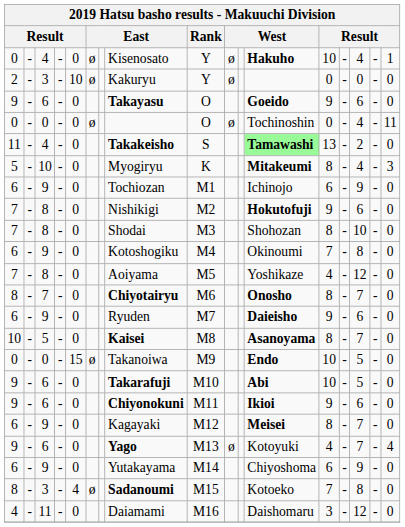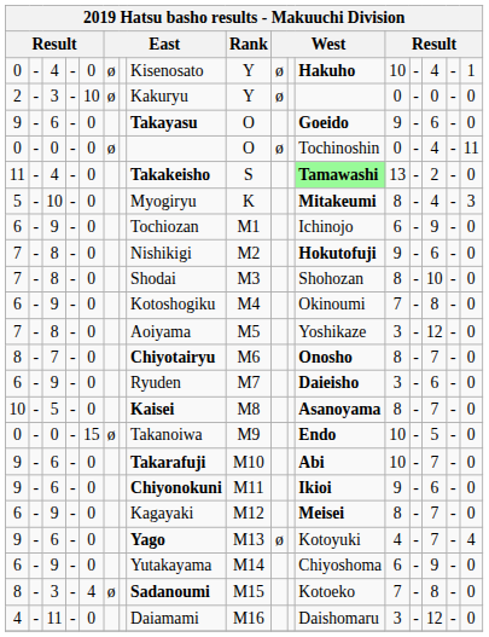 <table class="wikitable">
 <tr>
 <th colspan="17">2019 Hatsu basho results - Makuuchi Division</th>
 </tr>
 <tr>
 <th colspan="5">Result</th>
 <th colspan="3">East</th>
 <th>Rank</th>
 <th colspan="3">West</th>
 <th colspan="5">Result</th>
 </tr>
 <tr>
 <td align=center>0</td>
 <td align=center>-</td>
 <td align=center>4</td>
 <td align=center>-</td>
 <td align=center>0</td>
 <td align=center>ø</td>
 <td align=center></td>
 <td>Kisenosato</td>
 <td align=center>Y</td>
 <td align=center>ø</td>
 <td align=center></td>
 <td><strong>Hakuho</strong></td>
 <td align=center>10</td>
 <td align=center>-</td>
 <td align=center>4</td>
 <td align=center>-</td>
 <td align=center>1</td>
 </tr>
 <tr>
 <td align=center>2</td>
 <td align=center>-</td>
 <td align=center>3</td>
 <td align=center>-</td>
 <td align=center>10</td>
 <td align=center>ø</td>
 <td align=center></td>
 <td>Kakuryu</td>
 <td align=center>Y</td>
 <td align=center>ø</td>
 <td align=center></td>
 <td></td>
 <td align=center>0</td>
 <td align=center>-</td>
 <td align=center>0</td>
 <td align=center>-</td>
 <td align=center>0</td>
 </tr>
 <tr>
 <td align=center>9</td>
 <td align=center>-</td>
 <td align=center>6</td>
 <td align=center>-</td>
 <td align=center>0</td>
 <td align=center></td>
 <td align=center></td>
 <td><strong>Takayasu</strong></td>
 <td align=center>O</td>
 <td align=center></td>
 <td align=center></td>
 <td><strong>Goeido</strong></td>
 <td align=center>9</td>
 <td align=center>-</td>
 <td align=center>6</td>
 <td align=center>-</td>
 <td align=center>0</td>
 </tr>
 <tr>
 <td align=center>0</td>
 <td align=center>-</td>
 <td align=center>0</td>
 <td align=center>-</td>
 <td align=center>0</td>
 <td align=center>ø</td>
 <td align=center></td>
 <td></td>
 <td align=center>O</td>
 <td align=center>ø</td>
 <td align=center></td>
 <td>Tochinoshin</td>
 <td align=center>0</td>
 <td align=center>-</td>
 <td align=center>4</td>
 <td align=center>-</td>
 <td align=center>11</td>
 </tr>
 <tr>
 <td align=center>11</td>
 <td align=center>-</td>
 <td align=center>4</td>
 <td align=center>-</td>
 <td align=center>0</td>
 <td align=center></td>
 <td align=center></td>
 <td><strong>Takakeisho</strong></td>
 <td align=center>S</td>
 <td align=center></td>
 <td align=center></td>
 <td style="background: PaleGreen;"><strong>Tamawashi</strong></td>
 <td align=center>13</td>
 <td align=center>-</td>
 <td align=center>2</td>
 <td align=center>-</td>
 <td align=center>0</td>
 </tr>
 <tr>
 <td align=center>5</td>
 <td align=center>-</td>
 <td align=center>10</td>
 <td align=center>-</td>
 <td align=center>0</td>
 <td align=center></td>
 <td align=center></td>
 <td>Myogiryu</td>
 <td align=center>K</td>
 <td align=center></td>
 <td align=center></td>
 <td><strong>Mitakeumi</strong></td>
 <td align=center>8</td>
 <td align=center>-</td>
 <td align=center>4</td>
 <td align=center>-</td>
 <td align=center>3</td>
 </tr>
 <tr>
 <td align=center>6</td>
 <td align=center>-</td>
 <td align=center>9</td>
 <td align=center>-</td>
 <td align=center>0</td>
 <td align=center></td>
 <td align=center></td>
 <td>Tochiozan</td>
 <td align=center>M1</td>
 <td align=center></td>
 <td align=center></td>
 <td>Ichinojo</td>
 <td align=center>6</td>
 <td align=center>-</td>
 <td align=center>9</td>
 <td align=center>-</td>
 <td align=center>0</td>
 </tr>
 <tr>
 <td align=center>7</td>
 <td align=center>-</td>
 <td align=center>8</td>
 <td align=center>-</td>
 <td align=center>0</td>
 <td align=center></td>
 <td align=center></td>
 <td>Nishikigi</td>
 <td align=center>M2</td>
 <td align=center></td>
 <td align=center></td>
 <td><strong>Hokutofuji</strong></td>
 <td align=center>9</td>
 <td align=center>-</td>
 <td align=center>6</td>
 <td align=center>-</td>
 <td align=center>0</td>
 </tr>
 <tr>
 <td align=center>7</td>
 <td align=center>-</td>
 <td align=center>8</td>
 <td align=center>-</td>
 <td align=center>0</td>
 <td align=center></td>
 <td align=center></td>
 <td>Shodai</td>
 <td align=center>M3</td>
 <td align=center></td>
 <td align=center></td>
 <td>Shohozan</td>
 <td align=center>8</td>
 <td align=center>-</td>
 <td align=center>10</td>
 <td align=center>-</td>
 <td align=center>0</td>
 </tr>
 <tr>
 <td align=center>6</td>
 <td align=center>-</td>
 <td align=center>9</td>
 <td align=center>-</td>
 <td align=center>0</td>
 <td align=center></td>
 <td align=center></td>
 <td>Kotoshogiku</td>
 <td align=center>M4</td>
 <td align=center></td>
 <td align=center></td>
 <td>Okinoumi</td>
 <td align=center>7</td>
 <td align=center>-</td>
 <td align=center>8</td>
 <td align=center>-</td>
 <td align=center>0</td>
 </tr>
 <tr>
 <td align=center>7</td>
 <td align=center>-</td>
 <td align=center>8</td>
 <td align=center>-</td>
 <td align=center>0</td>
 <td align=center></td>
 <td align=center></td>
 <td>Aoiyama</td>
 <td align=center>M5</td>
 <td align=center></td>
 <td align=center></td>
 <td>Yoshikaze</td>
-<td align=center>4</td>
+<td align=center>3</td>
 <td align=center>-</td>
 <td align=center>12</td>
 <td align=center>-</td>
 <td align=center>0</td>
 </tr>
 <tr>
 <td align=center>8</td>
 <td align=center>-</td>
 <td align=center>7</td>
 <td align=center>-</td>
 <td align=center>0</td>
 <td align=center></td>
 <td align=center></td>
 <td><strong>Chiyotairyu</strong></td>
 <td align=center>M6</td>
 <td align=center></td>
 <td align=center></td>
 <td><strong>Onosho</strong></td>
 <td align=center>8</td>
 <td align=center>-</td>
 <td align=center>7</td>
 <td align=center>-</td>
 <td align=center>0</td>
 </tr>
 <tr>
 <td align=center>6</td>
 <td align=center>-</td>
 <td align=center>9</td>
 <td align=center>-</td>
 <td align=center>0</td>
 <td align=center></td>
 <td align=center></td>
 <td>Ryuden</td>
 <td align=center>M7</td>
 <td align=center></td>
 <td align=center></td>
 <td><strong>Daieisho</strong></td>
-<td align=center>9</td>
+<td align=center>3</td>
 <td align=center>-</td>
 <td align=center>6</td>
 <td align=center>-</td>
 <td align=center>0</td>
 </tr>
 <tr>
 <td align=center>10</td>
 <td align=center>-</td>
 <td align=center>5</td>
 <td align=center>-</td>
 <td align=center>0</td>
 <td align=center></td>
 <td align=center></td>
 <td><strong>Kaisei</strong></td>
 <td align=center>M8</td>
 <td align=center></td>
 <td align=center></td>
 <td><strong>Asanoyama</strong></td>
 <td align=center>8</td>
 <td align=center>-</td>
 <td align=center>7</td>
 <td align=center>-</td>
 <td align=center>0</td>
 </tr>
 <tr>
 <td align=center>0</td>
 <td align=center>-</td>
 <td align=center>0</td>
 <td align=center>-</td>
 <td align=center>15</td>
 <td align=center>ø</td>
 <td align=center></td>
 <td>Takanoiwa</td>
 <td align=center>M9</td>
 <td align=center></td>
 <td align=center></td>
 <td><strong>Endo</strong></td>
 <td align=center>10</td>
 <td align=center>-</td>
 <td align=center>5</td>
 <td align=center>-</td>
 <td align=center>0</td>
 </tr>
 <tr>
 <td align=center>9</td>
 <td align=center>-</td>
 <td align=center>6</td>
 <td align=center>-</td>
 <td align=center>0</td>
 <td align=center></td>
 <td align=center></td>
 <td><strong>Takarafuji</strong></td>
 <td align=center>M10</td>
 <td align=center></td>
 <td align=center></td>
 <td><strong>Abi</strong></td>
 <td align=center>10</td>
 <td align=center>-</td>
-<td align=center>5</td>
+<td align=center>7</td>
 <td align=center>-</td>
 <td align=center>0</td>
 </tr>
 <tr>
 <td align=center>9</td>
 <td align=center>-</td>
 <td align=center>6</td>
 <td align=center>-</td>
 <td align=center>0</td>
 <td align=center></td>
 <td align=center></td>
 <td><strong>Chiyonokuni</strong></td>
 <td align=center>M11</td>
 <td align=center></td>
 <td align=center></td>
 <td><strong>Ikioi</strong></td>
 <td align=center>9</td>
 <td align=center>-</td>
 <td align=center>6</td>
 <td align=center>-</td>
 <td align=center>0</td>
 </tr>
 <tr>
 <td align=center>6</td>
 <td align=center>-</td>
 <td align=center>9</td>
 <td align=center>-</td>
 <td align=center>0</td>
 <td align=center></td>
 <td align=center></td>
 <td>Kagayaki</td>
 <td align=center>M12</td>
 <td align=center></td>
 <td align=center></td>
 <td><strong>Meisei</strong></td>
 <td align=center>8</td>
 <td align=center>-</td>
 <td align=center>7</td>
 <td align=center>-</td>
 <td align=center>0</td>
 </tr>
 <tr>
 <td align=center>9</td>
 <td align=center>-</td>
 <td align=center>6</td>
 <td align=center>-</td>
 <td align=center>0</td>
 <td align=center></td>
 <td align=center></td>
 <td><strong>Yago</strong></td>
 <td align=center>M13</td>
 <td align=center>ø</td>
 <td align=center></td>
 <td>Kotoyuki</td>
 <td align=center>4</td>
 <td align=center>-</td>
 <td align=center>7</td>
 <td align=center>-</td>
 <td align=center>4</td>
 </tr>
 <tr>
 <td align=center>6</td>
 <td align=center>-</td>
 <td align=center>9</td>
 <td align=center>-</td>
 <td align=center>0</td>
 <td align=center></td>
 <td align=center></td>
 <td>Yutakayama</td>
 <td align=center>M14</td>
 <td align=center></td>
 <td align=center></td>
 <td>Chiyoshoma</td>
 <td align=center>6</td>
 <td align=center>-</td>
 <td align=center>9</td>
 <td align=center>-</td>
 <td align=center>0</td>
 </tr>
 <tr>
 <td align=center>8</td>
 <td align=center>-</td>
 <td align=center>3</td>
 <td align=center>-</td>
 <td align=center>4</td>
 <td align=center>ø</td>
 <td align=center></td>
 <td><strong>Sadanoumi</strong></td>
 <td align=center>M15</td>
 <td align=center></td>
 <td align=center></td>
 <td>Kotoeko</td>
 <td align=center>7</td>
 <td align=center>-</td>
 <td align=center>8</td>
 <td align=center>-</td>
 <td align=center>0</td>
 </tr>
 <tr>
 <td align=center>4</td>
 <td align=center>-</td>
 <td align=center>11</td>
 <td align=center>-</td>
 <td align=center>0</td>
 <td align=center></td>
 <td align=center></td>
 <td>Daiamami</td>
 <td align=center>M16</td>
 <td align=center></td>
 <td align=center></td>
 <td>Daishomaru</td>
 <td align=center>3</td>
 <td align=center>-</td>
 <td align=center>12</td>
 <td align=center>-</td>
 <td align=center>0</td>
 </tr>
 <tr>
 </tr>
 </table>
